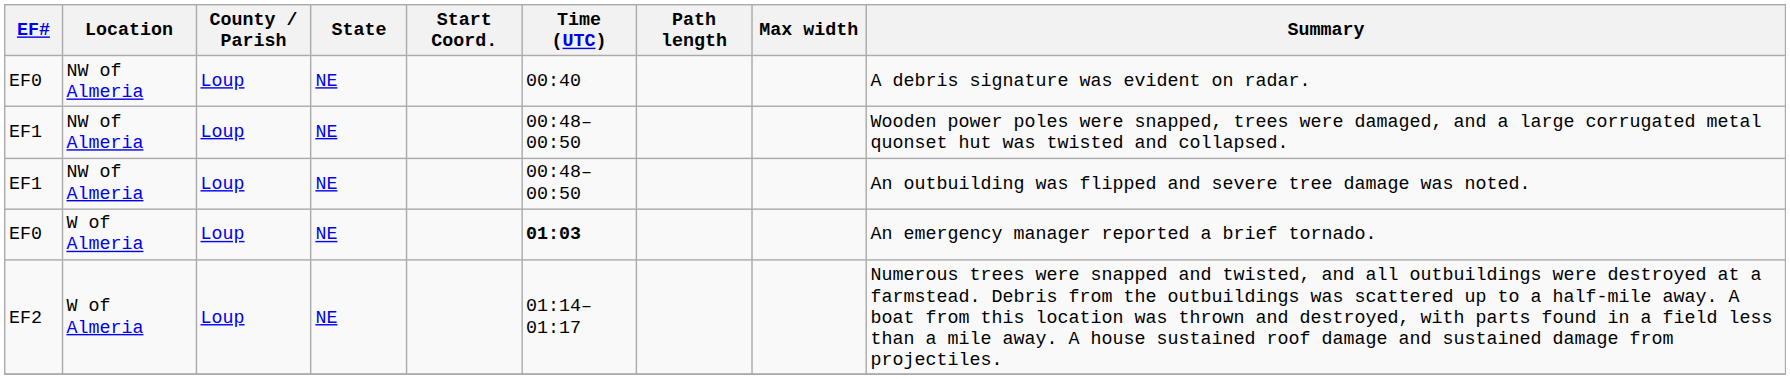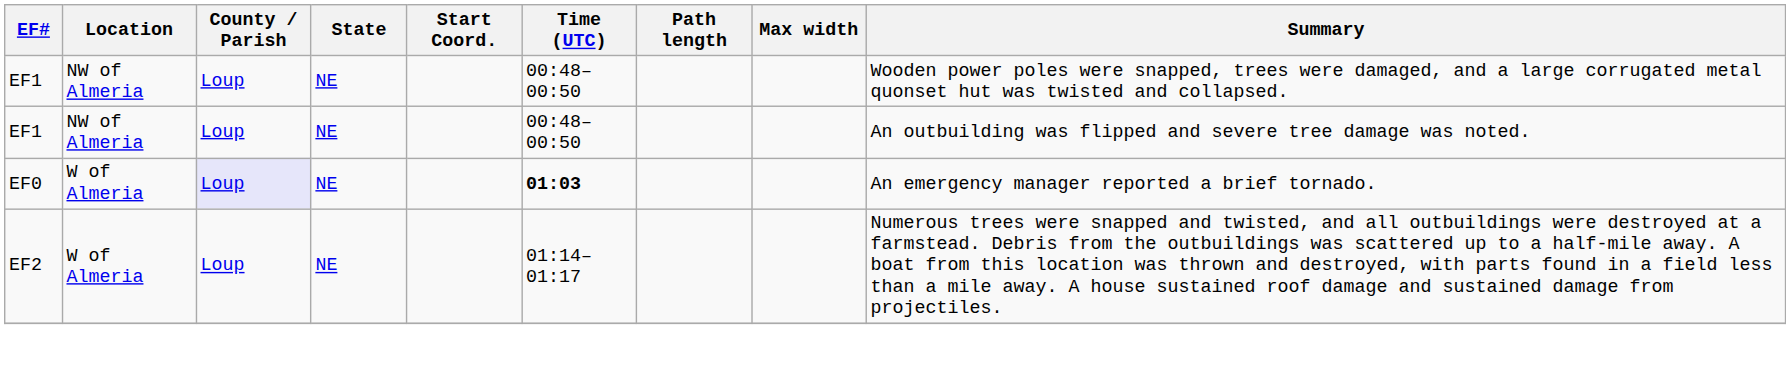 <table class="wikitable sortable" style="width:100%;">
 <tr>
 <th scope="col"  style="width:3%; text-align:center;"><a href='#'>EF#</a></th>
 <th scope="col"  style="width:7%; text-align:center;" class="unsortable">Location</th>
 <th scope="col"  style="width:6%; text-align:center;" class="unsortable">County / Parish</th>
 <th scope="col"  style="width:5%; text-align:center;">State</th>
 <th scope="col"  style="width:6%; text-align:center;">Start Coord.</th>
 <th scope="col"  style="width:6%; text-align:center;">Time (<a href='#'>UTC</a>)</th>
 <th scope="col"  style="width:6%; text-align:center;">Path length</th>
 <th scope="col"  style="width:6%; text-align:center;">Max width</th>
 <th scope="col" class="unsortable" style="width:48%; text-align:center;">Summary</th>
-</tr>
-<tr>
-<td>EF0</td>
-<td>NW of <a href='#'>Almeria</a></td>
-<td><a href='#'>Loup</a></td>
-<td><a href='#'>NE</a></td>
-<td></td>
-<td>00:40</td>
-<td></td>
-<td></td>
-<td>A debris signature was evident on radar.</td>
 </tr>
 <tr>
 <td>EF1</td>
 <td>NW of <a href='#'>Almeria</a></td>
 <td><a href='#'>Loup</a></td>
 <td><a href='#'>NE</a></td>
 <td></td>
 <td>00:48–00:50</td>
 <td></td>
 <td></td>
 <td>Wooden power poles were snapped, trees were damaged, and a large corrugated metal quonset hut was twisted and collapsed.</td>
 </tr>
 <tr>
 <td>EF1</td>
 <td>NW of <a href='#'>Almeria</a></td>
 <td><a href='#'>Loup</a></td>
 <td><a href='#'>NE</a></td>
 <td></td>
 <td>00:48–00:50</td>
 <td></td>
 <td></td>
 <td>An outbuilding was flipped and severe tree damage was noted.</td>
 </tr>
 <tr>
 <td>EF0</td>
 <td>W of <a href='#'>Almeria</a></td>
-<td><a href='#'>Loup</a></td>
+<td style="background: lavender;"><a href='#'>Loup</a></td>
 <td><a href='#'>NE</a></td>
 <td></td>
 <td><strong>01:03</strong></td>
 <td></td>
 <td></td>
 <td>An emergency manager reported a brief tornado.</td>
 </tr>
 <tr>
 <td>EF2</td>
 <td>W of <a href='#'>Almeria</a></td>
 <td><a href='#'>Loup</a></td>
 <td><a href='#'>NE</a></td>
 <td></td>
 <td>01:14–01:17</td>
 <td></td>
 <td></td>
 <td>Numerous trees were snapped and twisted, and all outbuildings were destroyed at a farmstead. Debris from the outbuildings was scattered up to a half-mile away. A boat from this location was thrown and destroyed, with parts found in a field less than a mile away. A house sustained roof damage and sustained damage from projectiles.</td>
 </tr>
 <tr>
 </tr>
 </table>
